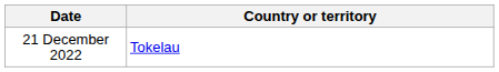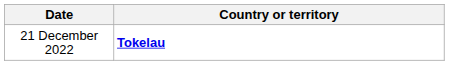 <table class="wikitable sortable">
 <tr>
 <th style="width:8em;">Date</th>
 <th style="width:25em;">Country or territory</th>
 </tr>
 <tr style="background:#fff;">
 <td style="text-align:center;">21 December 2022</td>
-<td> <a href='#'>Tokelau</a></td>
+<td><strong> <a href='#'>Tokelau</a></strong></td>
 </tr>
 </table>
